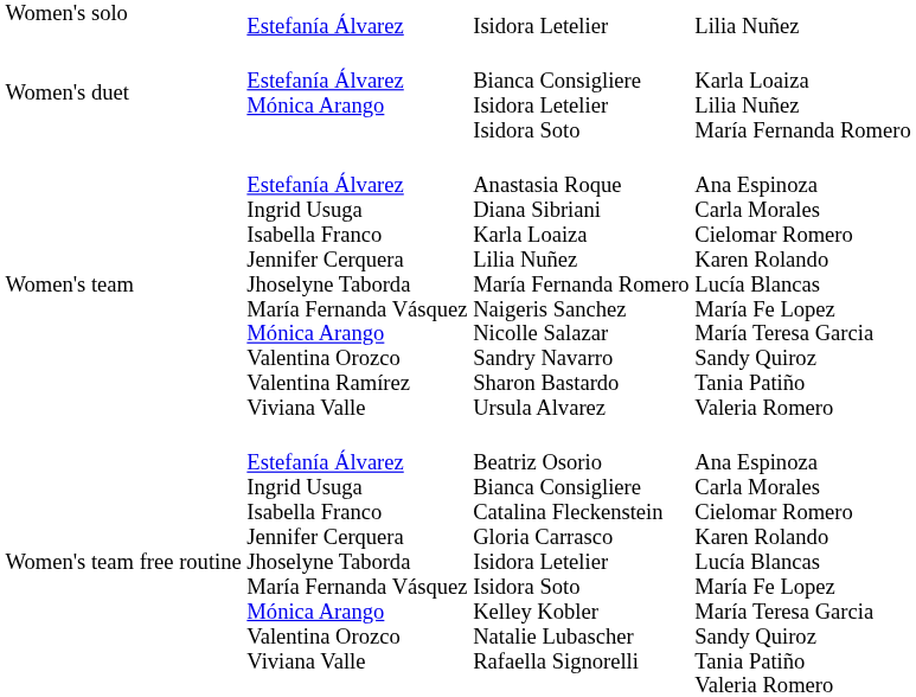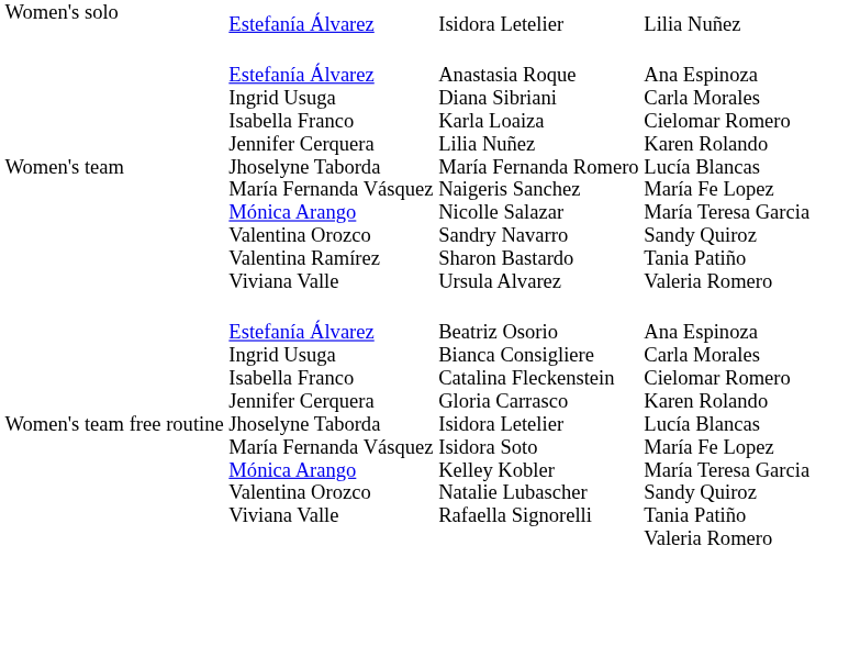 <table>
 <tr>
 <td>Women's solo</td>
 <td><br><a href='#'>Estefanía Álvarez</a></td>
 <td valign=top><br>Isidora Letelier</td>
 <td valign=top><br>Lilia Nuñez</td>
-</tr>
-<tr>
-<td>Women's duet</td>
-<td valign=top><br><a href='#'>Estefanía Álvarez</a><br><a href='#'>Mónica Arango</a></td>
-<td><br>Bianca Consigliere<br>Isidora Letelier<br>Isidora Soto</td>
-<td nowrap><br>Karla Loaiza<br>Lilia Nuñez<br>María Fernanda Romero</td>
 </tr>
 <tr>
 <td>Women's team</td>
 <td nowrap><br><a href='#'>Estefanía Álvarez</a><br>Ingrid Usuga<br>Isabella Franco<br>Jennifer Cerquera<br>Jhoselyne Taborda<br>María Fernanda Vásquez<br><a href='#'>Mónica Arango</a><br>Valentina Orozco<br>Valentina Ramírez<br>Viviana Valle</td>
 <td nowrap><br>Anastasia Roque<br>Diana Sibriani<br>Karla Loaiza<br>Lilia Nuñez<br>María Fernanda Romero<br>Naigeris Sanchez<br>Nicolle Salazar<br>Sandry Navarro<br>Sharon Bastardo<br>Ursula Alvarez</td>
 <td><br>Ana Espinoza<br>Carla Morales<br>Cielomar Romero<br>Karen Rolando<br>Lucía Blancas<br>María Fe Lopez<br>María Teresa Garcia<br>Sandy Quiroz<br>Tania Patiño<br>Valeria Romero</td>
 </tr>
 <tr>
 <td>Women's team free routine</td>
 <td valign=top><br><a href='#'>Estefanía Álvarez</a><br>Ingrid Usuga<br>Isabella Franco<br>Jennifer Cerquera<br>Jhoselyne Taborda<br>María Fernanda Vásquez<br><a href='#'>Mónica Arango</a><br>Valentina Orozco<br>Viviana Valle</td>
 <td valign=top><br>Beatriz Osorio<br>Bianca Consigliere<br>Catalina Fleckenstein<br>Gloria Carrasco<br>Isidora Letelier<br>Isidora Soto<br>Kelley Kobler<br>Natalie Lubascher<br>Rafaella Signorelli</td>
 <td valign=top><br>Ana Espinoza<br>Carla Morales<br>Cielomar Romero<br>Karen Rolando<br>Lucía Blancas<br>María Fe Lopez<br>María  Teresa Garcia<br>Sandy Quiroz<br>Tania Patiño<br>Valeria Romero</td>
 </tr>
 </table>
